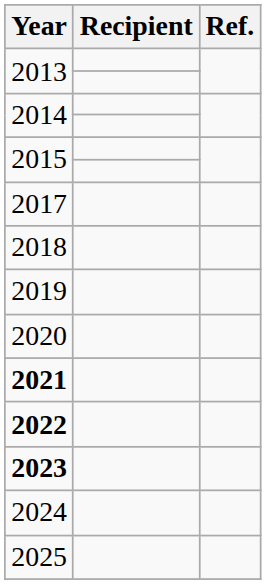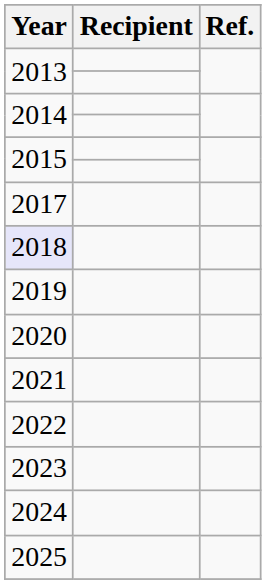 <table class="wikitable sortable">
 <tr>
 <th>Year</th>
 <th>Recipient</th>
 <th>Ref.</th>
 </tr>
 <tr>
 <td rowspan="2">2013</td>
 <td></td>
 <td rowspan="2"></td>
 </tr>
 <tr>
 <td></td>
 </tr>
 <tr>
 <td rowspan="2">2014</td>
 <td></td>
 <td rowspan="2"></td>
 </tr>
 <tr>
 <td></td>
 </tr>
 <tr>
 <td rowspan="2">2015</td>
 <td></td>
 <td rowspan="2"></td>
 </tr>
 <tr>
 <td></td>
 </tr>
 <tr>
 <td>2017</td>
 <td></td>
 <td></td>
 </tr>
 <tr>
-<td>2018</td>
+<td style="background: lavender;">2018</td>
 <td></td>
 <td></td>
 </tr>
 <tr>
 <td>2019</td>
 <td></td>
 <td></td>
 </tr>
 <tr>
 <td>2020</td>
 <td></td>
 <td></td>
 </tr>
 <tr>
-<td><strong>2021</strong></td>
+<td>2021</td>
 <td></td>
 <td></td>
 </tr>
 <tr>
-<td><strong>2022</strong></td>
+<td>2022</td>
 <td></td>
 <td></td>
 </tr>
 <tr>
-<td><strong>2023</strong></td>
+<td>2023</td>
 <td></td>
 <td></td>
 </tr>
 <tr>
 <td>2024</td>
 <td></td>
 <td></td>
 </tr>
 <tr>
 <td>2025</td>
 <td></td>
 <td></td>
 </tr>
 </table>
